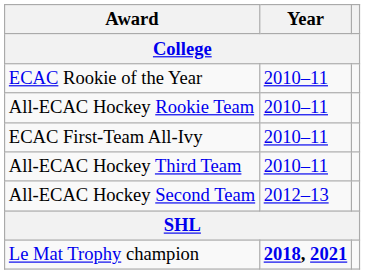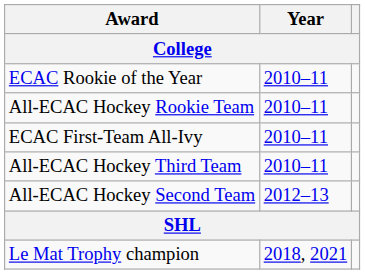 <table class="wikitable">
 <tr>
 <th>Award</th>
 <th>Year</th>
 <th></th>
 </tr>
 <tr>
 <th colspan="3"><a href='#'>College</a></th>
 </tr>
 <tr>
 <td><a href='#'>ECAC</a> Rookie of the Year</td>
 <td><a href='#'>2010–11</a></td>
 <td></td>
 </tr>
 <tr>
 <td>All-ECAC Hockey <a href='#'>Rookie Team</a></td>
 <td><a href='#'>2010–11</a></td>
 <td></td>
 </tr>
 <tr>
 <td>ECAC First-Team All-Ivy</td>
 <td><a href='#'>2010–11</a></td>
 <td></td>
 </tr>
 <tr>
 <td>All-ECAC Hockey <a href='#'>Third Team</a></td>
 <td><a href='#'>2010–11</a></td>
 <td></td>
 </tr>
 <tr>
 <td>All-ECAC Hockey <a href='#'>Second Team</a></td>
 <td><a href='#'>2012–13</a></td>
 <td></td>
 </tr>
 <tr>
 <th colspan="3"><a href='#'>SHL</a></th>
 </tr>
 <tr>
 <td><a href='#'>Le Mat Trophy</a> champion</td>
-<td><strong><a href='#'>2018</a>, <a href='#'>2021</a></strong></td>
+<td><a href='#'>2018</a>, <a href='#'>2021</a></td>
 <td></td>
 </tr>
 </table>
